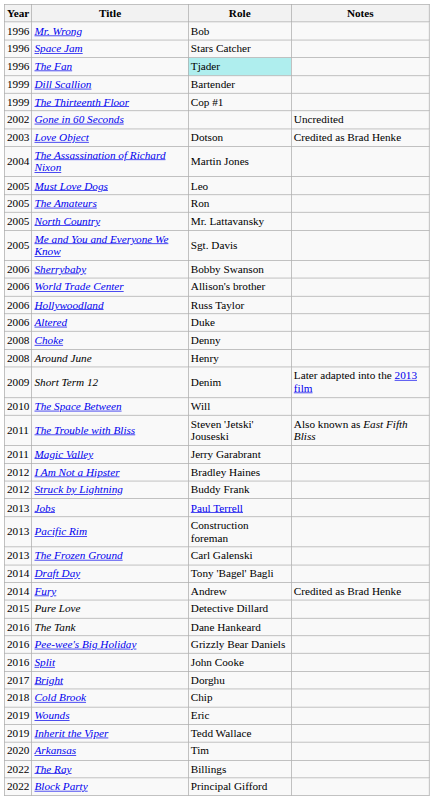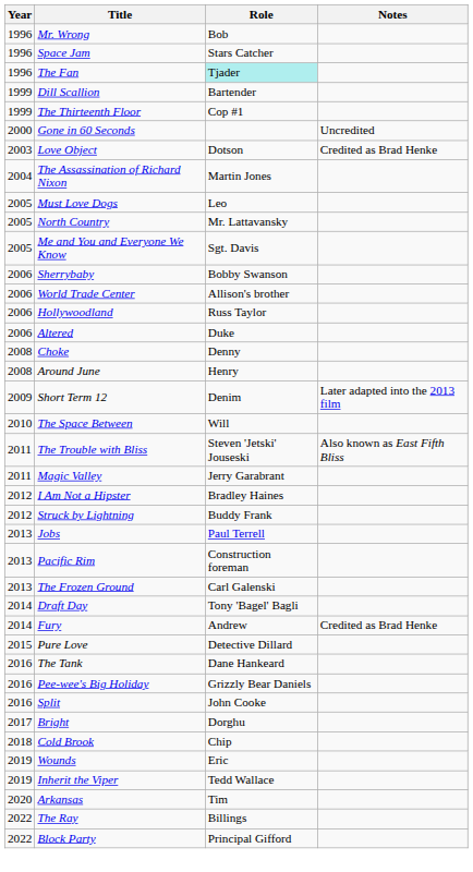 <table class="wikitable">
 <tr>
 <th>Year</th>
 <th>Title</th>
 <th>Role</th>
 <th>Notes</th>
 </tr>
 <tr>
 <td>1996</td>
 <td><em><a href='#'>Mr. Wrong</a></em></td>
 <td>Bob</td>
 <td></td>
 </tr>
 <tr>
 <td>1996</td>
 <td><em><a href='#'>Space Jam</a></em></td>
 <td>Stars Catcher</td>
 <td></td>
 </tr>
 <tr>
 <td>1996</td>
 <td><em><a href='#'>The Fan</a></em></td>
 <td style="background: paleturquoise;">Tjader</td>
 <td></td>
 </tr>
 <tr>
 <td>1999</td>
 <td><em><a href='#'>Dill Scallion</a></em></td>
 <td>Bartender</td>
 <td></td>
 </tr>
 <tr>
 <td>1999</td>
 <td><em><a href='#'>The Thirteenth Floor</a></em></td>
 <td>Cop #1</td>
 <td></td>
 </tr>
 <tr>
-<td>2002</td>
+<td>2000</td>
 <td><a href='#'><em>Gone in 60 Seconds</em></a></td>
 <td></td>
 <td>Uncredited</td>
 </tr>
 <tr>
 <td>2003</td>
 <td><em><a href='#'>Love Object</a></em></td>
 <td>Dotson</td>
 <td>Credited as Brad Henke</td>
 </tr>
 <tr>
 <td>2004</td>
 <td><em><a href='#'>The Assassination of Richard Nixon</a></em></td>
 <td>Martin Jones</td>
 <td></td>
 </tr>
 <tr>
 <td>2005</td>
 <td><em><a href='#'>Must Love Dogs</a></em></td>
 <td>Leo</td>
-<td></td>
-</tr>
-<tr>
-<td>2005</td>
-<td><em><a href='#'>The Amateurs</a></em></td>
-<td>Ron</td>
 <td></td>
 </tr>
 <tr>
 <td>2005</td>
 <td><em><a href='#'>North Country</a></em></td>
 <td>Mr. Lattavansky</td>
 <td></td>
 </tr>
 <tr>
 <td>2005</td>
 <td><em><a href='#'>Me and You and Everyone We Know</a></em></td>
 <td>Sgt. Davis</td>
 <td></td>
 </tr>
 <tr>
 <td>2006</td>
 <td><em><a href='#'>Sherrybaby</a></em></td>
 <td>Bobby Swanson</td>
 <td></td>
 </tr>
 <tr>
 <td>2006</td>
 <td><em><a href='#'>World Trade Center</a></em></td>
 <td>Allison's brother</td>
 <td></td>
 </tr>
 <tr>
 <td>2006</td>
 <td><em><a href='#'>Hollywoodland</a></em></td>
 <td>Russ Taylor</td>
 <td></td>
 </tr>
 <tr>
 <td>2006</td>
 <td><em><a href='#'>Altered</a></em></td>
 <td>Duke</td>
 <td></td>
 </tr>
 <tr>
 <td>2008</td>
 <td><em><a href='#'>Choke</a></em></td>
 <td>Denny</td>
 <td></td>
 </tr>
 <tr>
 <td>2008</td>
 <td><em>Around June</em></td>
 <td>Henry</td>
 <td></td>
 </tr>
 <tr>
 <td>2009</td>
 <td><em>Short Term 12</em></td>
 <td>Denim</td>
 <td>Later adapted into the <a href='#'>2013 film</a></td>
 </tr>
 <tr>
 <td>2010</td>
 <td><em><a href='#'>The Space Between</a></em></td>
 <td>Will</td>
 <td></td>
 </tr>
 <tr>
 <td>2011</td>
 <td><em><a href='#'>The Trouble with Bliss</a></em></td>
 <td>Steven 'Jetski' Jouseski</td>
 <td>Also known as <em>East Fifth Bliss</em></td>
 </tr>
 <tr>
 <td>2011</td>
 <td><em><a href='#'>Magic Valley</a></em></td>
 <td>Jerry Garabrant</td>
 <td></td>
 </tr>
 <tr>
 <td>2012</td>
 <td><em><a href='#'>I Am Not a Hipster</a></em></td>
 <td>Bradley Haines</td>
 <td></td>
 </tr>
 <tr>
 <td>2012</td>
 <td><em><a href='#'>Struck by Lightning</a></em></td>
 <td>Buddy Frank</td>
 <td></td>
 </tr>
 <tr>
 <td>2013</td>
 <td><em><a href='#'>Jobs</a></em></td>
 <td><a href='#'>Paul Terrell</a></td>
 <td></td>
 </tr>
 <tr>
 <td>2013</td>
 <td><em><a href='#'>Pacific Rim</a></em></td>
 <td>Construction foreman</td>
 <td></td>
 </tr>
 <tr>
 <td>2013</td>
 <td><em><a href='#'>The Frozen Ground</a></em></td>
 <td>Carl Galenski</td>
 <td></td>
 </tr>
 <tr>
 <td>2014</td>
 <td><em><a href='#'>Draft Day</a></em></td>
 <td>Tony 'Bagel' Bagli</td>
 <td></td>
 </tr>
 <tr>
 <td>2014</td>
 <td><em><a href='#'>Fury</a></em></td>
 <td>Andrew</td>
 <td>Credited as Brad Henke</td>
 </tr>
 <tr>
 <td>2015</td>
 <td><em>Pure Love</em></td>
 <td>Detective Dillard</td>
 <td></td>
 </tr>
 <tr>
 <td>2016</td>
 <td><em>The Tank</em></td>
 <td>Dane Hankeard</td>
 <td></td>
 </tr>
 <tr>
 <td>2016</td>
 <td><em><a href='#'>Pee-wee's Big Holiday</a></em></td>
 <td>Grizzly Bear Daniels</td>
 <td></td>
 </tr>
 <tr>
 <td>2016</td>
 <td><em><a href='#'>Split</a></em></td>
 <td>John Cooke</td>
 <td></td>
 </tr>
 <tr>
 <td>2017</td>
 <td><em><a href='#'>Bright</a></em></td>
 <td>Dorghu</td>
 <td></td>
 </tr>
 <tr>
 <td>2018</td>
 <td><em><a href='#'>Cold Brook</a></em></td>
 <td>Chip</td>
 <td></td>
 </tr>
 <tr>
 <td>2019</td>
 <td><em><a href='#'>Wounds</a></em></td>
 <td>Eric</td>
 <td></td>
 </tr>
 <tr>
 <td>2019</td>
 <td><em><a href='#'>Inherit the Viper</a></em></td>
 <td>Tedd Wallace</td>
 <td></td>
 </tr>
 <tr>
 <td>2020</td>
 <td><em><a href='#'>Arkansas</a></em></td>
 <td>Tim</td>
 <td></td>
 </tr>
 <tr>
 <td>2022</td>
 <td><em><a href='#'>The Ray</a></em></td>
 <td>Billings</td>
 <td></td>
 </tr>
 <tr>
 <td>2022</td>
 <td><em><a href='#'>Block Party</a></em></td>
 <td>Principal Gifford</td>
 <td></td>
 </tr>
 </table>
